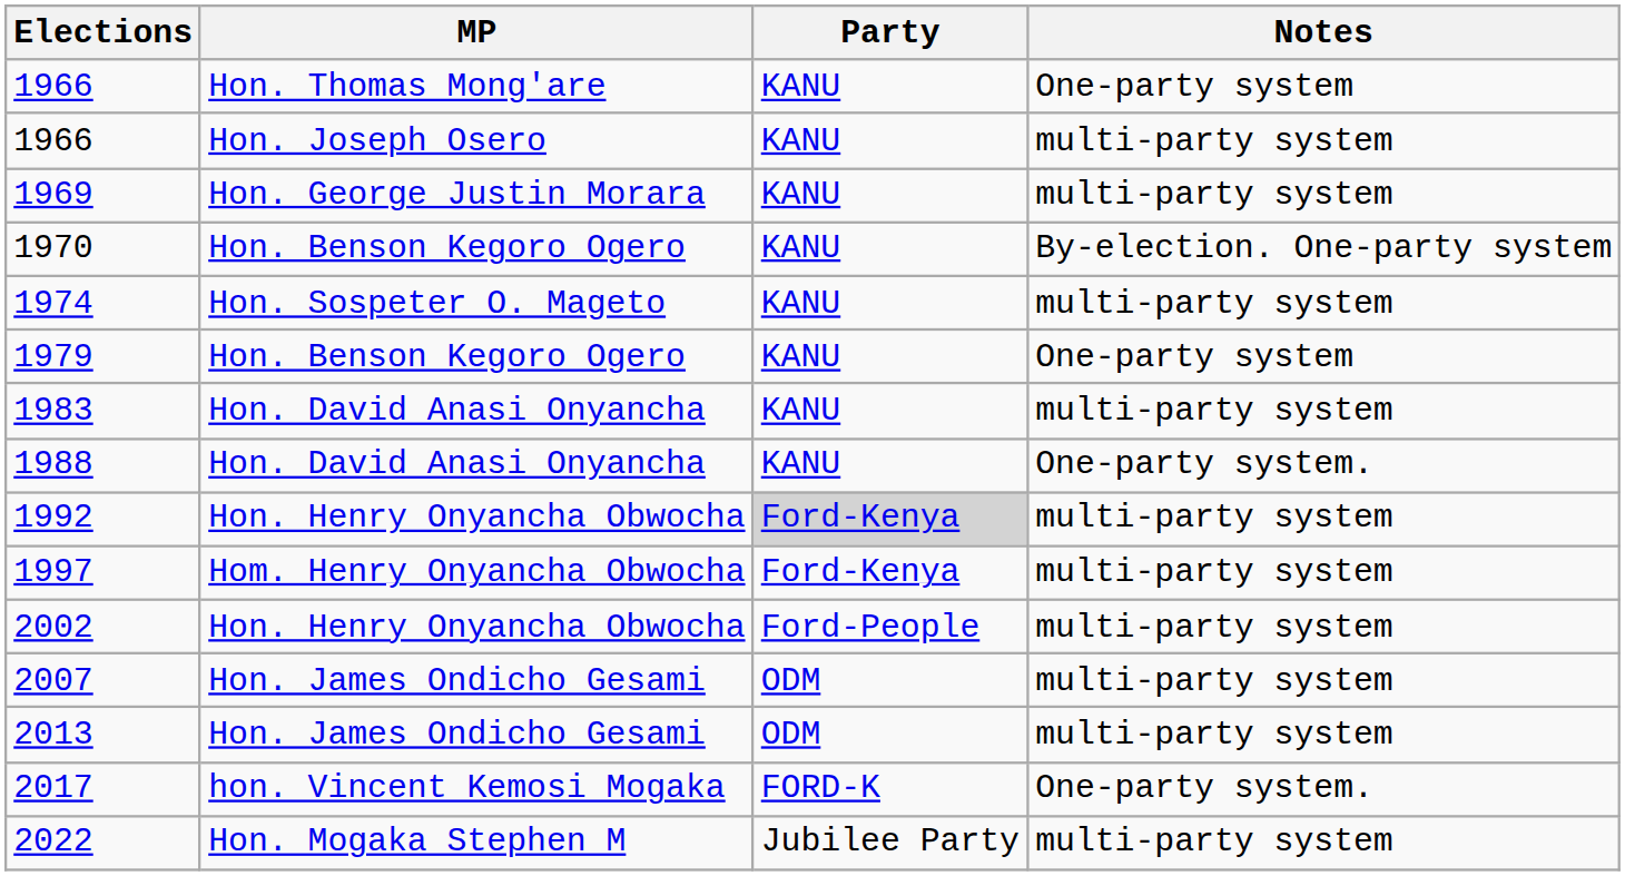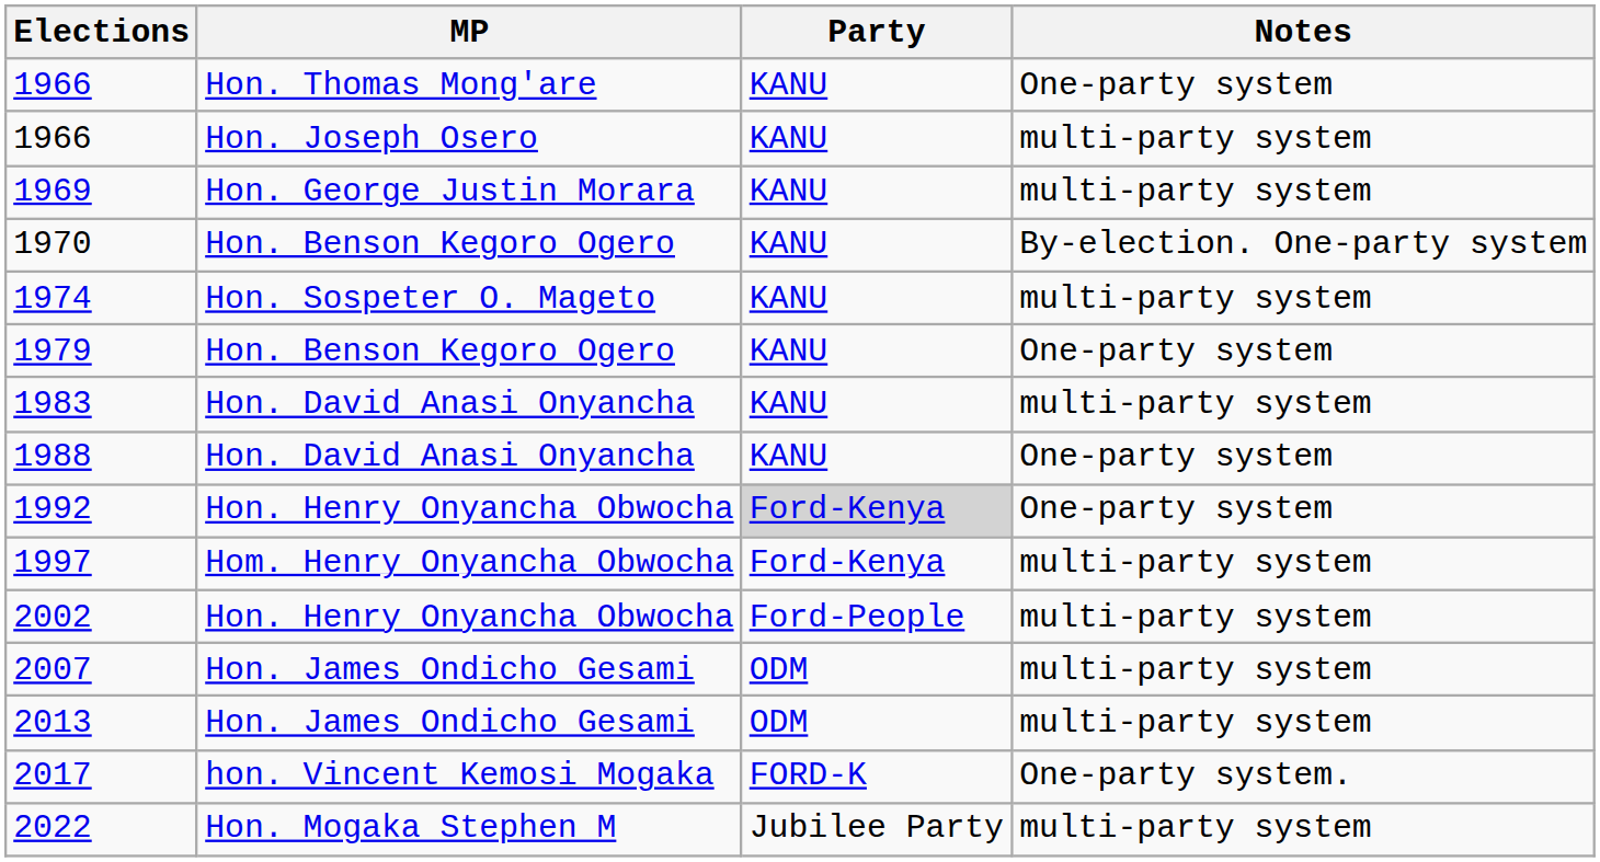 <table class="wikitable">
 <tr>
 <th>Elections</th>
 <th>MP </th>
 <th>Party</th>
 <th>Notes</th>
 </tr>
 <tr>
 <td><a href='#'>1966</a></td>
 <td><a href='#'>Hon. Thomas Mong'are</a></td>
 <td><a href='#'>KANU</a></td>
 <td>One-party system</td>
 </tr>
 <tr>
 <td>1966</td>
 <td><a href='#'>Hon. Joseph Osero</a></td>
 <td><a href='#'>KANU</a></td>
 <td>multi-party system</td>
 </tr>
 <tr>
 <td><a href='#'>1969</a></td>
 <td><a href='#'>Hon. George Justin Morara</a></td>
 <td><a href='#'>KANU</a></td>
 <td>multi-party system</td>
 </tr>
 <tr>
 <td>1970</td>
 <td><a href='#'>Hon. Benson Kegoro Ogero</a></td>
 <td><a href='#'>KANU</a></td>
 <td>By-election. One-party system</td>
 </tr>
 <tr>
 <td><a href='#'>1974</a></td>
 <td><a href='#'>Hon. Sospeter O. Mageto</a></td>
 <td><a href='#'>KANU</a></td>
 <td>multi-party system</td>
 </tr>
 <tr>
 <td><a href='#'>1979</a></td>
 <td><a href='#'>Hon. Benson Kegoro Ogero</a></td>
 <td><a href='#'>KANU</a></td>
 <td>One-party system</td>
 </tr>
 <tr>
 <td><a href='#'>1983</a></td>
 <td><a href='#'>Hon. David Anasi Onyancha</a></td>
 <td><a href='#'>KANU</a></td>
 <td>multi-party system</td>
 </tr>
 <tr>
 <td><a href='#'>1988</a></td>
 <td><a href='#'>Hon. David Anasi Onyancha</a></td>
 <td><a href='#'>KANU</a></td>
-<td>One-party system.</td>
+<td>One-party system</td>
 </tr>
 <tr>
 <td><a href='#'>1992</a></td>
 <td><a href='#'>Hon. Henry Onyancha Obwocha</a></td>
 <td style="background: lightgrey;"><a href='#'>Ford-Kenya</a></td>
-<td>multi-party system</td>
+<td>One-party system</td>
 </tr>
 <tr>
 <td><a href='#'>1997</a></td>
 <td><a href='#'>Hom. Henry Onyancha Obwocha</a></td>
 <td><a href='#'>Ford-Kenya</a></td>
 <td>multi-party system</td>
 </tr>
 <tr>
 <td><a href='#'>2002</a></td>
 <td><a href='#'>Hon. Henry Onyancha Obwocha</a></td>
 <td><a href='#'>Ford-People</a></td>
 <td>multi-party system</td>
 </tr>
 <tr>
 <td><a href='#'>2007</a></td>
 <td><a href='#'>Hon. James Ondicho Gesami</a></td>
 <td><a href='#'>ODM</a></td>
 <td>multi-party system</td>
 </tr>
 <tr>
 <td><a href='#'>2013</a></td>
 <td><a href='#'>Hon. James Ondicho Gesami</a></td>
 <td><a href='#'>ODM</a></td>
 <td>multi-party system</td>
 </tr>
 <tr>
 <td><a href='#'>2017</a></td>
 <td><a href='#'>hon. Vincent Kemosi Mogaka</a></td>
 <td><a href='#'>FORD-K</a></td>
 <td>One-party system.</td>
 </tr>
 <tr>
 <td><a href='#'>2022</a></td>
 <td><a href='#'>Hon. Mogaka Stephen M</a></td>
 <td>Jubilee Party</td>
 <td>multi-party system</td>
 </tr>
 </table>
